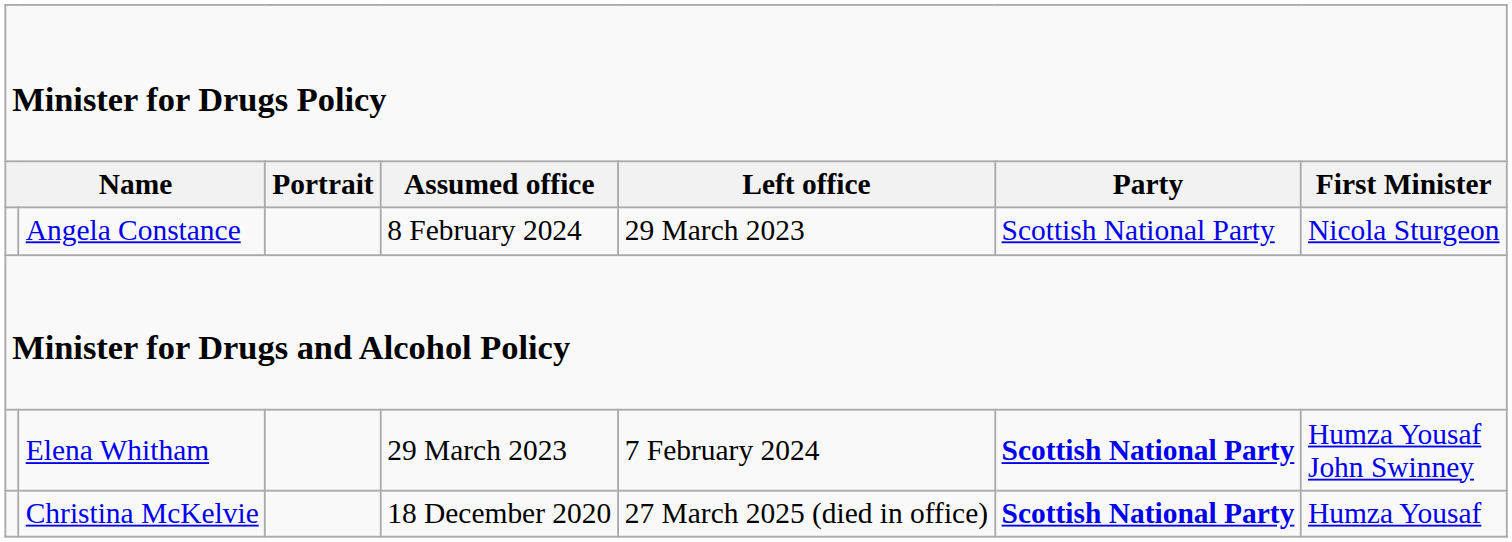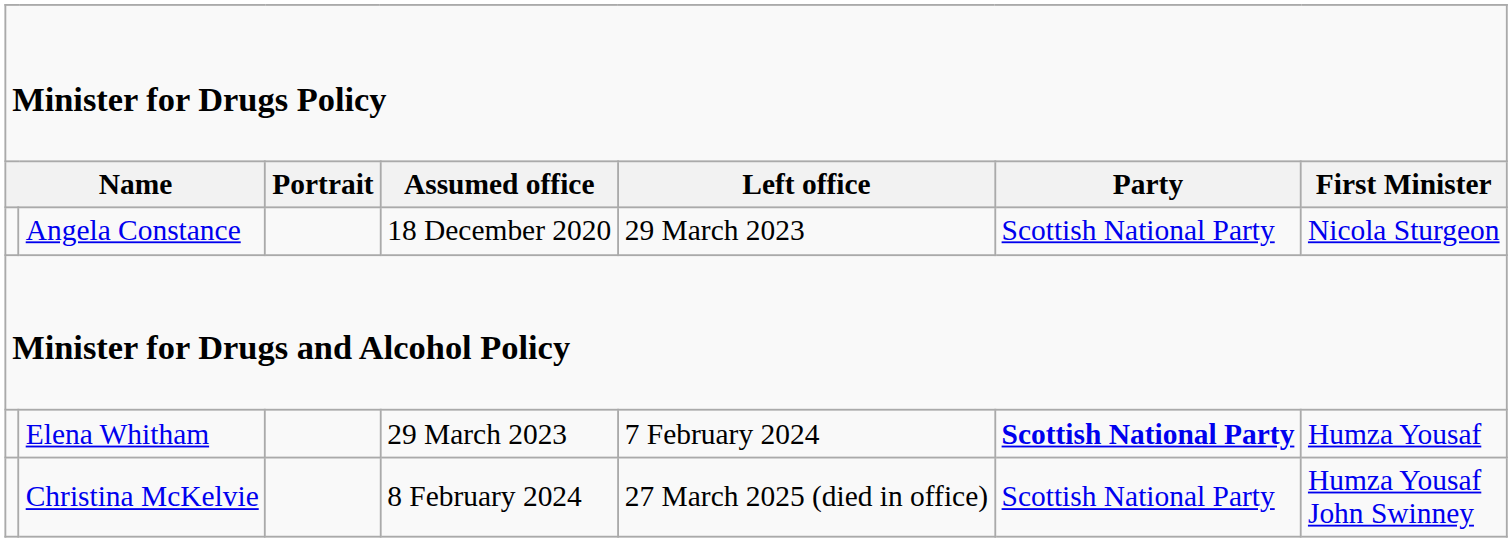 <table class="wikitable" style="margin: 0 0 0 1em; background: #f9f9f9; border: 1px #aaaaaa solid; border-collapse: collapse; ">
 <tr>
 <td colspan="7"><br><h3>Minister for Drugs Policy</h3></td>
 </tr>
 <tr>
 <th colspan="2">Name</th>
 <th>Portrait</th>
 <th>Assumed office</th>
 <th>Left office</th>
 <th>Party</th>
 <th>First Minister</th>
 </tr>
 <tr>
 <td></td>
 <td><a href='#'>Angela Constance</a></td>
 <td></td>
-<td>8 February 2024</td>
+<td>18 December 2020</td>
 <td>29 March 2023</td>
 <td><a href='#'>Scottish National Party</a></td>
 <td><a href='#'>Nicola Sturgeon</a></td>
 </tr>
 <tr>
 <td colspan="7"><br><h3>Minister for Drugs and Alcohol Policy</h3></td>
 </tr>
 <tr>
 <td></td>
 <td><a href='#'>Elena Whitham</a></td>
 <td></td>
 <td>29 March 2023</td>
 <td>7 February 2024</td>
 <td><strong><a href='#'>Scottish National Party</a></strong></td>
-<td><a href='#'>Humza Yousaf</a><br><a href='#'>John Swinney</a></td>
+<td><a href='#'>Humza Yousaf</a></td>
 </tr>
 <tr>
 <td></td>
 <td><a href='#'>Christina McKelvie</a></td>
 <td></td>
-<td>18 December 2020</td>
+<td>8 February 2024</td>
 <td>27 March 2025 (died in office)</td>
-<td><strong><a href='#'>Scottish National Party</a></strong></td>
-<td><a href='#'>Humza Yousaf</a></td>
+<td><a href='#'>Scottish National Party</a></td>
+<td><a href='#'>Humza Yousaf</a><br><a href='#'>John Swinney</a></td>
 </tr>
 </table>
